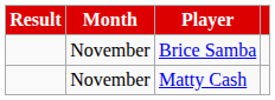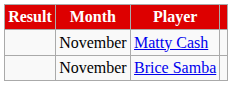 <table class="wikitable" style="text-align:left">
 <tr>
 <th style="background:#DD0000; color:#FFFFFF;">Result</th>
 <th style="background:#DD0000; color:#FFFFFF;">Month</th>
 <th style="background:#DD0000; color:#FFFFFF;">Player</th>
 <th style="background:#DD0000; color:#FFFFFF;"></th>
 </tr>
 <tr>
 </tr>
 <tr>
 <td></td>
 <td>November</td>
-<td> <a href='#'>Brice Samba</a></td>
+<td> <a href='#'>Matty Cash</a></td>
 <td></td>
 </tr>
 <tr>
 <td></td>
 <td>November</td>
-<td> <a href='#'>Matty Cash</a></td>
+<td> <a href='#'>Brice Samba</a></td>
 <td></td>
 </tr>
 <tr>
 </tr>
 </table>
